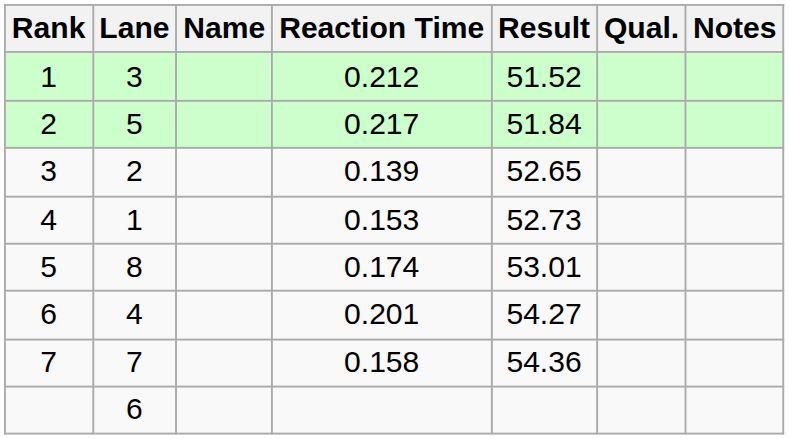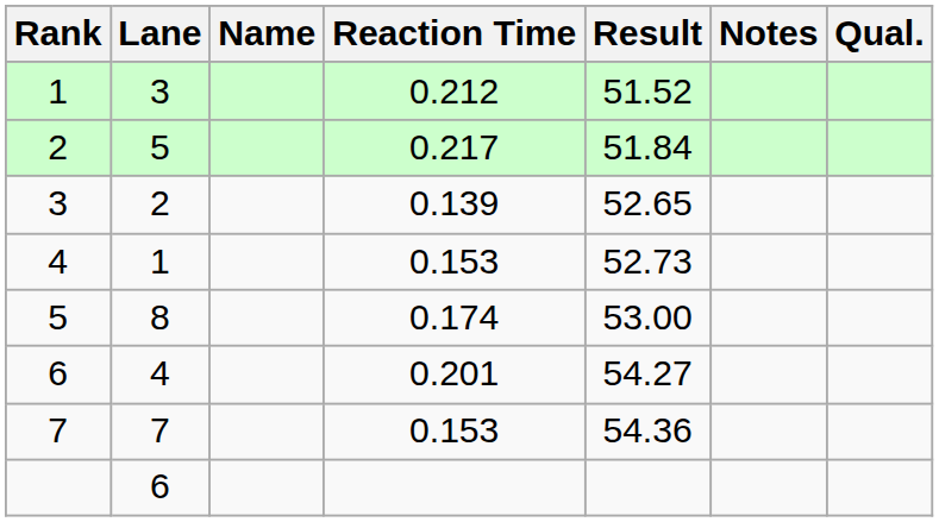 <table class="wikitable sortable" style="text-align:center">
 <tr>
 <th>Rank</th>
 <th>Lane</th>
 <th>Name</th>
 <th>Reaction Time</th>
 <th>Result</th>
+<th>Notes</th>
 <th>Qual.</th>
-<th>Notes</th>
 </tr>
 <tr bgcolor=ccffcc>
 <td>1</td>
 <td>3</td>
 <td align="left"></td>
 <td>0.212</td>
 <td>51.52</td>
 <td></td>
 <td></td>
 </tr>
 <tr bgcolor=ccffcc>
 <td>2</td>
 <td>5</td>
 <td align="left"></td>
 <td>0.217</td>
 <td>51.84</td>
 <td></td>
 <td></td>
 </tr>
 <tr>
 <td>3</td>
 <td>2</td>
 <td align="left"></td>
 <td>0.139</td>
 <td>52.65</td>
 <td></td>
 <td></td>
 </tr>
 <tr>
 <td>4</td>
 <td>1</td>
 <td align="left"></td>
 <td>0.153</td>
 <td>52.73</td>
 <td></td>
 <td></td>
 </tr>
 <tr>
 <td>5</td>
 <td>8</td>
 <td align="left"></td>
 <td>0.174</td>
-<td>53.01</td>
+<td>53.00</td>
 <td></td>
 <td></td>
 </tr>
 <tr>
 <td>6</td>
 <td>4</td>
 <td align="left"></td>
 <td>0.201</td>
 <td>54.27</td>
 <td></td>
 <td></td>
 </tr>
 <tr>
 <td>7</td>
 <td>7</td>
 <td align="left"></td>
-<td>0.158</td>
+<td>0.153</td>
 <td>54.36</td>
 <td></td>
 <td></td>
 </tr>
 <tr>
 <td></td>
 <td>6</td>
 <td align="left"></td>
 <td></td>
 <td></td>
 <td></td>
 <td></td>
 </tr>
 </table>
